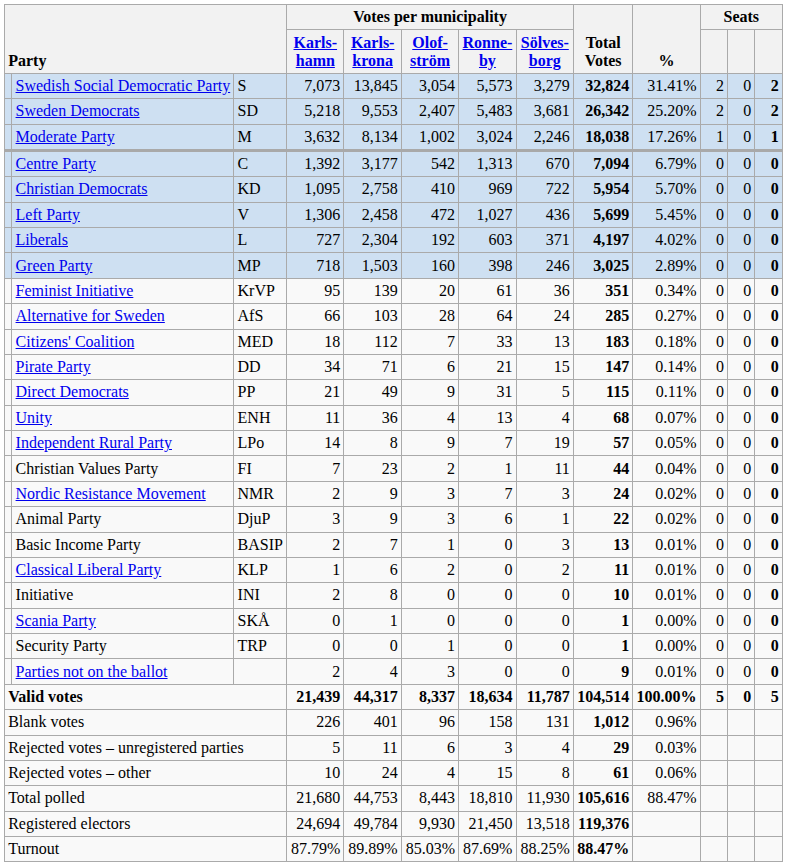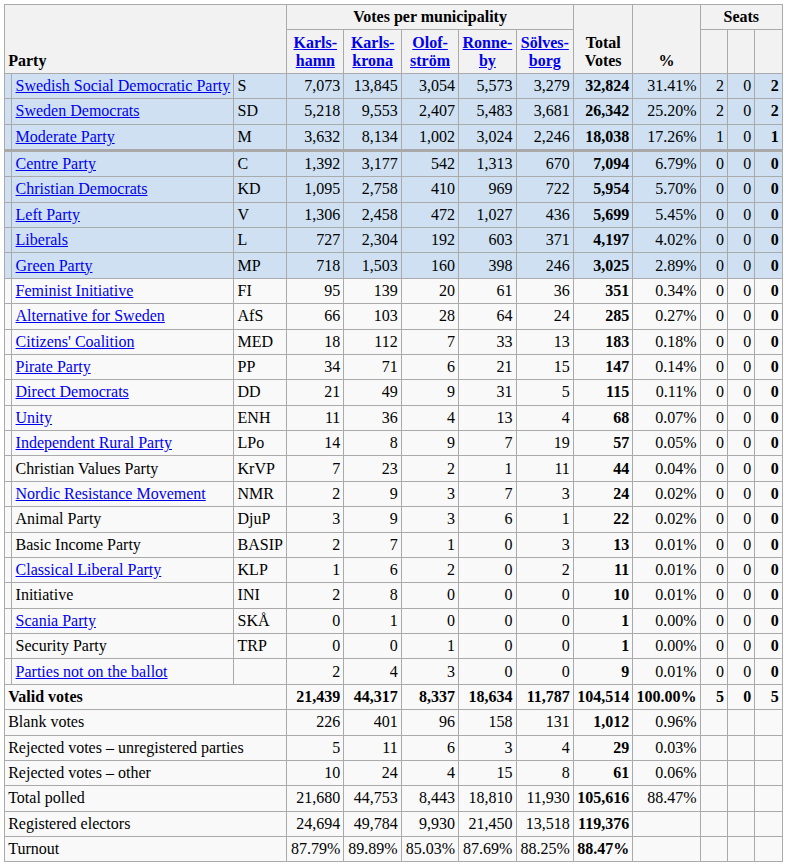 <table class="wikitable" border="1" style="text-align:right;">
 <tr>
 <th style="text-align:left;" valign=bottom rowspan=2 colspan=3>Party</th>
 <th colspan=5>Votes per municipality</th>
 <th align=center valign=bottom rowspan=2 width="50">Total Votes</th>
 <th align=center valign=bottom rowspan=2 width="50">%</th>
 <th colspan=3>Seats</th>
 </tr>
 <tr>
 <th align=center valign=bottom width="50"><a href='#'>Karls- hamn</a></th>
 <th align=center valign=bottom width="50"><a href='#'>Karls- krona</a></th>
 <th align=center valign=bottom width="50"><a href='#'>Olof- ström</a></th>
 <th align=center valign=bottom width="50"><a href='#'>Ronne- by</a></th>
 <th align=center valign=bottom width="50"><a href='#'>Sölves- borg</a></th>
 <th align=center valign=bottom width="20"><small></small></th>
 <th align=center valign=bottom width="20"><small><a href='#'></a></small></th>
 <th align=center valign=bottom width="20"><small></small></th>
 </tr>
 <tr style="background:#CEE0F2;">
 <td></td>
 <td align=left style="white-space: nowrap;"><a href='#'>Swedish Social Democratic Party</a></td>
 <td align=left>S</td>
 <td>7,073</td>
 <td>13,845</td>
 <td>3,054</td>
 <td>5,573</td>
 <td>3,279</td>
 <td><strong>32,824</strong></td>
 <td>31.41%</td>
 <td>2</td>
 <td>0</td>
 <td><strong>2</strong></td>
 </tr>
 <tr style="background:#CEE0F2;">
 <td></td>
 <td align=left><a href='#'>Sweden Democrats</a></td>
 <td align=left>SD</td>
 <td>5,218</td>
 <td>9,553</td>
 <td>2,407</td>
 <td>5,483</td>
 <td>3,681</td>
 <td><strong>26,342</strong></td>
 <td>25.20%</td>
 <td>2</td>
 <td>0</td>
 <td><strong>2</strong></td>
 </tr>
 <tr style="background:#CEE0F2;">
 <td></td>
 <td align=left><a href='#'>Moderate Party</a></td>
 <td align=left>M</td>
 <td>3,632</td>
 <td>8,134</td>
 <td>1,002</td>
 <td>3,024</td>
 <td>2,246</td>
 <td><strong>18,038</strong></td>
 <td>17.26%</td>
 <td>1</td>
 <td>0</td>
 <td><strong>1</strong></td>
 </tr>
 <tr style="background:#CEE0F2; border-top:3px solid darkgray;">
 <td></td>
 <td align=left><a href='#'>Centre Party</a></td>
 <td align=left>C</td>
 <td>1,392</td>
 <td>3,177</td>
 <td>542</td>
 <td>1,313</td>
 <td>670</td>
 <td><strong>7,094</strong></td>
 <td>6.79%</td>
 <td>0</td>
 <td>0</td>
 <td><strong>0</strong></td>
 </tr>
 <tr style="background:#CEE0F2;">
 <td></td>
 <td align=left><a href='#'>Christian Democrats</a></td>
 <td align=left>KD</td>
 <td>1,095</td>
 <td>2,758</td>
 <td>410</td>
 <td>969</td>
 <td>722</td>
 <td><strong>5,954</strong></td>
 <td>5.70%</td>
 <td>0</td>
 <td>0</td>
 <td><strong>0</strong></td>
 </tr>
 <tr style="background:#CEE0F2;">
 <td></td>
 <td align=left><a href='#'>Left Party</a></td>
 <td align=left>V</td>
 <td>1,306</td>
 <td>2,458</td>
 <td>472</td>
 <td>1,027</td>
 <td>436</td>
 <td><strong>5,699</strong></td>
 <td>5.45%</td>
 <td>0</td>
 <td>0</td>
 <td><strong>0</strong></td>
 </tr>
 <tr style="background:#CEE0F2;">
 <td></td>
 <td align=left><a href='#'>Liberals</a></td>
 <td align=left>L</td>
 <td>727</td>
 <td>2,304</td>
 <td>192</td>
 <td>603</td>
 <td>371</td>
 <td><strong>4,197</strong></td>
 <td>4.02%</td>
 <td>0</td>
 <td>0</td>
 <td><strong>0</strong></td>
 </tr>
 <tr style="background:#CEE0F2;">
 <td></td>
 <td align=left><a href='#'>Green Party</a></td>
 <td align=left>MP</td>
 <td>718</td>
 <td>1,503</td>
 <td>160</td>
 <td>398</td>
 <td>246</td>
 <td><strong>3,025</strong></td>
 <td>2.89%</td>
 <td>0</td>
 <td>0</td>
 <td><strong>0</strong></td>
 </tr>
 <tr>
 <td></td>
 <td align=left><a href='#'>Feminist Initiative</a></td>
-<td align=left>KrVP</td>
+<td align=left>FI</td>
 <td>95</td>
 <td>139</td>
 <td>20</td>
 <td>61</td>
 <td>36</td>
 <td><strong>351</strong></td>
 <td>0.34%</td>
 <td>0</td>
 <td>0</td>
 <td><strong>0</strong></td>
 </tr>
 <tr>
 <td></td>
 <td align=left><a href='#'>Alternative for Sweden</a></td>
 <td align=left>AfS</td>
 <td>66</td>
 <td>103</td>
 <td>28</td>
 <td>64</td>
 <td>24</td>
 <td><strong>285</strong></td>
 <td>0.27%</td>
 <td>0</td>
 <td>0</td>
 <td><strong>0</strong></td>
 </tr>
 <tr>
 <td></td>
 <td align=left><a href='#'>Citizens' Coalition</a></td>
 <td align=left>MED</td>
 <td>18</td>
 <td>112</td>
 <td>7</td>
 <td>33</td>
 <td>13</td>
 <td><strong>183</strong></td>
 <td>0.18%</td>
 <td>0</td>
 <td>0</td>
 <td><strong>0</strong></td>
 </tr>
 <tr>
 <td></td>
 <td align=left><a href='#'>Pirate Party</a></td>
-<td align=left>DD</td>
+<td align=left>PP</td>
 <td>34</td>
 <td>71</td>
 <td>6</td>
 <td>21</td>
 <td>15</td>
 <td><strong>147</strong></td>
 <td>0.14%</td>
 <td>0</td>
 <td>0</td>
 <td><strong>0</strong></td>
 </tr>
 <tr>
 <td></td>
 <td align=left><a href='#'>Direct Democrats</a></td>
-<td align=left>PP</td>
+<td align=left>DD</td>
 <td>21</td>
 <td>49</td>
 <td>9</td>
 <td>31</td>
 <td>5</td>
 <td><strong>115</strong></td>
 <td>0.11%</td>
 <td>0</td>
 <td>0</td>
 <td><strong>0</strong></td>
 </tr>
 <tr>
 <td></td>
 <td align=left><a href='#'>Unity</a></td>
 <td align=left>ENH</td>
 <td>11</td>
 <td>36</td>
 <td>4</td>
 <td>13</td>
 <td>4</td>
 <td><strong>68</strong></td>
 <td>0.07%</td>
 <td>0</td>
 <td>0</td>
 <td><strong>0</strong></td>
 </tr>
 <tr>
 <td></td>
 <td align=left><a href='#'>Independent Rural Party</a></td>
 <td align=left>LPo</td>
 <td>14</td>
 <td>8</td>
 <td>9</td>
 <td>7</td>
 <td>19</td>
 <td><strong>57</strong></td>
 <td>0.05%</td>
 <td>0</td>
 <td>0</td>
 <td><strong>0</strong></td>
 </tr>
 <tr>
 <td></td>
 <td align=left>Christian Values Party</td>
-<td align=left>FI</td>
+<td align=left>KrVP</td>
 <td>7</td>
 <td>23</td>
 <td>2</td>
 <td>1</td>
 <td>11</td>
 <td><strong>44</strong></td>
 <td>0.04%</td>
 <td>0</td>
 <td>0</td>
 <td><strong>0</strong></td>
 </tr>
 <tr>
 <td></td>
 <td align=left><a href='#'>Nordic Resistance Movement</a></td>
 <td align=left>NMR</td>
 <td>2</td>
 <td>9</td>
 <td>3</td>
 <td>7</td>
 <td>3</td>
 <td><strong>24</strong></td>
 <td>0.02%</td>
 <td>0</td>
 <td>0</td>
 <td><strong>0</strong></td>
 </tr>
 <tr>
 <td></td>
 <td align=left>Animal Party</td>
 <td align=left>DjuP</td>
 <td>3</td>
 <td>9</td>
 <td>3</td>
 <td>6</td>
 <td>1</td>
 <td><strong>22</strong></td>
 <td>0.02%</td>
 <td>0</td>
 <td>0</td>
 <td><strong>0</strong></td>
 </tr>
 <tr>
 <td></td>
 <td align=left>Basic Income Party</td>
 <td align=left>BASIP</td>
 <td>2</td>
 <td>7</td>
 <td>1</td>
 <td>0</td>
 <td>3</td>
 <td><strong>13</strong></td>
 <td>0.01%</td>
 <td>0</td>
 <td>0</td>
 <td><strong>0</strong></td>
 </tr>
 <tr>
 <td></td>
 <td align=left><a href='#'>Classical Liberal Party</a></td>
 <td align=left>KLP</td>
 <td>1</td>
 <td>6</td>
 <td>2</td>
 <td>0</td>
 <td>2</td>
 <td><strong>11</strong></td>
 <td>0.01%</td>
 <td>0</td>
 <td>0</td>
 <td><strong>0</strong></td>
 </tr>
 <tr>
 <td></td>
 <td align=left>Initiative</td>
 <td align=left>INI</td>
 <td>2</td>
 <td>8</td>
 <td>0</td>
 <td>0</td>
 <td>0</td>
 <td><strong>10</strong></td>
 <td>0.01%</td>
 <td>0</td>
 <td>0</td>
 <td><strong>0</strong></td>
 </tr>
 <tr>
 <td></td>
 <td align=left><a href='#'>Scania Party</a></td>
 <td align=left>SKÅ</td>
 <td>0</td>
 <td>1</td>
 <td>0</td>
 <td>0</td>
 <td>0</td>
 <td><strong>1</strong></td>
 <td>0.00%</td>
 <td>0</td>
 <td>0</td>
 <td><strong>0</strong></td>
 </tr>
 <tr>
 <td></td>
 <td align=left>Security Party</td>
 <td align=left>TRP</td>
 <td>0</td>
 <td>0</td>
 <td>1</td>
 <td>0</td>
 <td>0</td>
 <td><strong>1</strong></td>
 <td>0.00%</td>
 <td>0</td>
 <td>0</td>
 <td><strong>0</strong></td>
 </tr>
 <tr>
 <td></td>
 <td align=left><a href='#'>Parties not on the ballot</a></td>
 <td></td>
 <td>2</td>
 <td>4</td>
 <td>3</td>
 <td>0</td>
 <td>0</td>
 <td><strong>9</strong></td>
 <td>0.01%</td>
 <td>0</td>
 <td>0</td>
 <td><strong>0</strong></td>
 </tr>
 <tr style="font-weight:bold">
 <td align=left colspan=3>Valid votes</td>
 <td>21,439</td>
 <td>44,317</td>
 <td>8,337</td>
 <td>18,634</td>
 <td>11,787</td>
 <td>104,514</td>
 <td>100.00%</td>
 <td>5</td>
 <td>0</td>
 <td>5</td>
 </tr>
 <tr>
 <td align=left colspan=3>Blank votes</td>
 <td>226</td>
 <td>401</td>
 <td>96</td>
 <td>158</td>
 <td>131</td>
 <td><strong>1,012</strong></td>
 <td>0.96%</td>
 <td></td>
 <td></td>
 <td></td>
 </tr>
 <tr>
 <td align=left colspan=3>Rejected votes – unregistered parties</td>
 <td>5</td>
 <td>11</td>
 <td>6</td>
 <td>3</td>
 <td>4</td>
 <td><strong>29</strong></td>
 <td>0.03%</td>
 <td></td>
 <td></td>
 <td></td>
 </tr>
 <tr>
 <td align=left colspan=3>Rejected votes – other</td>
 <td>10</td>
 <td>24</td>
 <td>4</td>
 <td>15</td>
 <td>8</td>
 <td><strong>61</strong></td>
 <td>0.06%</td>
 <td></td>
 <td></td>
 <td></td>
 </tr>
 <tr>
 <td align=left colspan=3>Total polled</td>
 <td>21,680</td>
 <td>44,753</td>
 <td>8,443</td>
 <td>18,810</td>
 <td>11,930</td>
 <td><strong>105,616</strong></td>
 <td>88.47%</td>
 <td></td>
 <td></td>
 <td></td>
 </tr>
 <tr>
 <td align=left colspan=3>Registered electors</td>
 <td>24,694</td>
 <td>49,784</td>
 <td>9,930</td>
 <td>21,450</td>
 <td>13,518</td>
 <td><strong>119,376</strong></td>
 <td></td>
 <td></td>
 <td></td>
 <td></td>
 </tr>
 <tr>
 <td align=left colspan=3>Turnout</td>
 <td>87.79%</td>
 <td>89.89%</td>
 <td>85.03%</td>
 <td>87.69%</td>
 <td>88.25%</td>
 <td><strong>88.47%</strong></td>
 <td></td>
 <td></td>
 <td></td>
 <td></td>
 </tr>
 </table>
